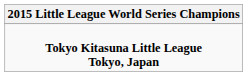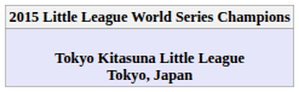 <table class="wikitable" style="text-align: center; margin: 0 auto;">
 <tr>
 <th>2015 Little League World Series Champions</th>
 </tr>
 <tr>
 </tr>
 <tr>
-<td><br><strong>Tokyo Kitasuna Little League</strong><br><strong>Tokyo, Japan</strong></td>
+<td style="background: lavender;"><br><strong>Tokyo Kitasuna Little League</strong><br><strong>Tokyo, Japan</strong></td>
 </tr>
 </table>
